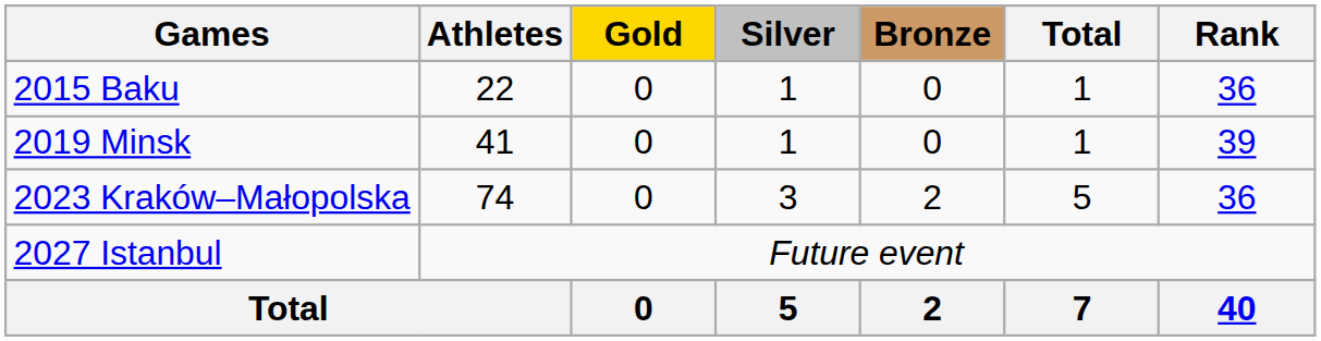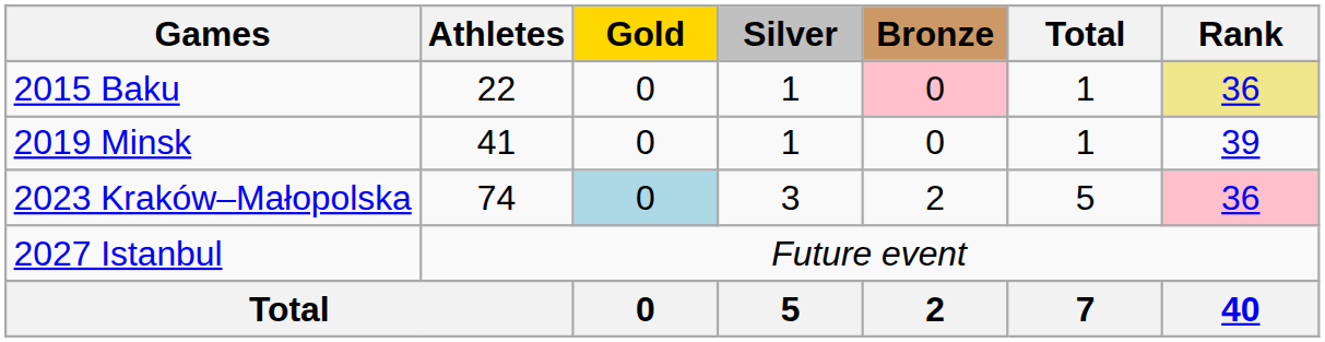 <table class="wikitable" style="text-align:center; font-size:90%;">
 <tr>
 <th>Games</th>
 <th>Athletes</th>
 <td style="background:gold; width:3.7em; font-weight:bold;">Gold</td>
 <td style="background:silver; width:3.7em; font-weight:bold;">Silver</td>
 <td style="background:#cc9966; width:3.7em; font-weight:bold;">Bronze</td>
 <th style="width:4em; font-weight:bold;">Total</th>
 <th style="width:4em; font-weight:bold;">Rank</th>
 </tr>
 <tr>
 <td align=left> <a href='#'>2015 Baku</a></td>
 <td>22</td>
 <td>0</td>
 <td>1</td>
-<td>0</td>
+<td style="background: pink;">0</td>
 <td>1</td>
-<td><a href='#'>36</a></td>
+<td style="background: khaki;"><a href='#'>36</a></td>
 </tr>
 <tr>
 <td align=left> <a href='#'>2019 Minsk</a></td>
 <td>41</td>
 <td>0</td>
 <td>1</td>
 <td>0</td>
 <td>1</td>
 <td><a href='#'>39</a></td>
 </tr>
 <tr>
 <td align=left> <a href='#'>2023 Kraków–Małopolska</a></td>
 <td>74</td>
-<td>0</td>
+<td style="background: lightblue;">0</td>
 <td>3</td>
 <td>2</td>
 <td>5</td>
-<td><a href='#'>36</a></td>
+<td style="background: pink;"><a href='#'>36</a></td>
 </tr>
 <tr>
 <td align=left> <a href='#'>2027 Istanbul</a></td>
 <td colspan=6><em>Future event</em></td>
 </tr>
 <tr>
 <th colspan=2>Total</th>
 <th>0</th>
 <th>5</th>
 <th>2</th>
 <th>7</th>
 <th><a href='#'>40</a></th>
 </tr>
 </table>
